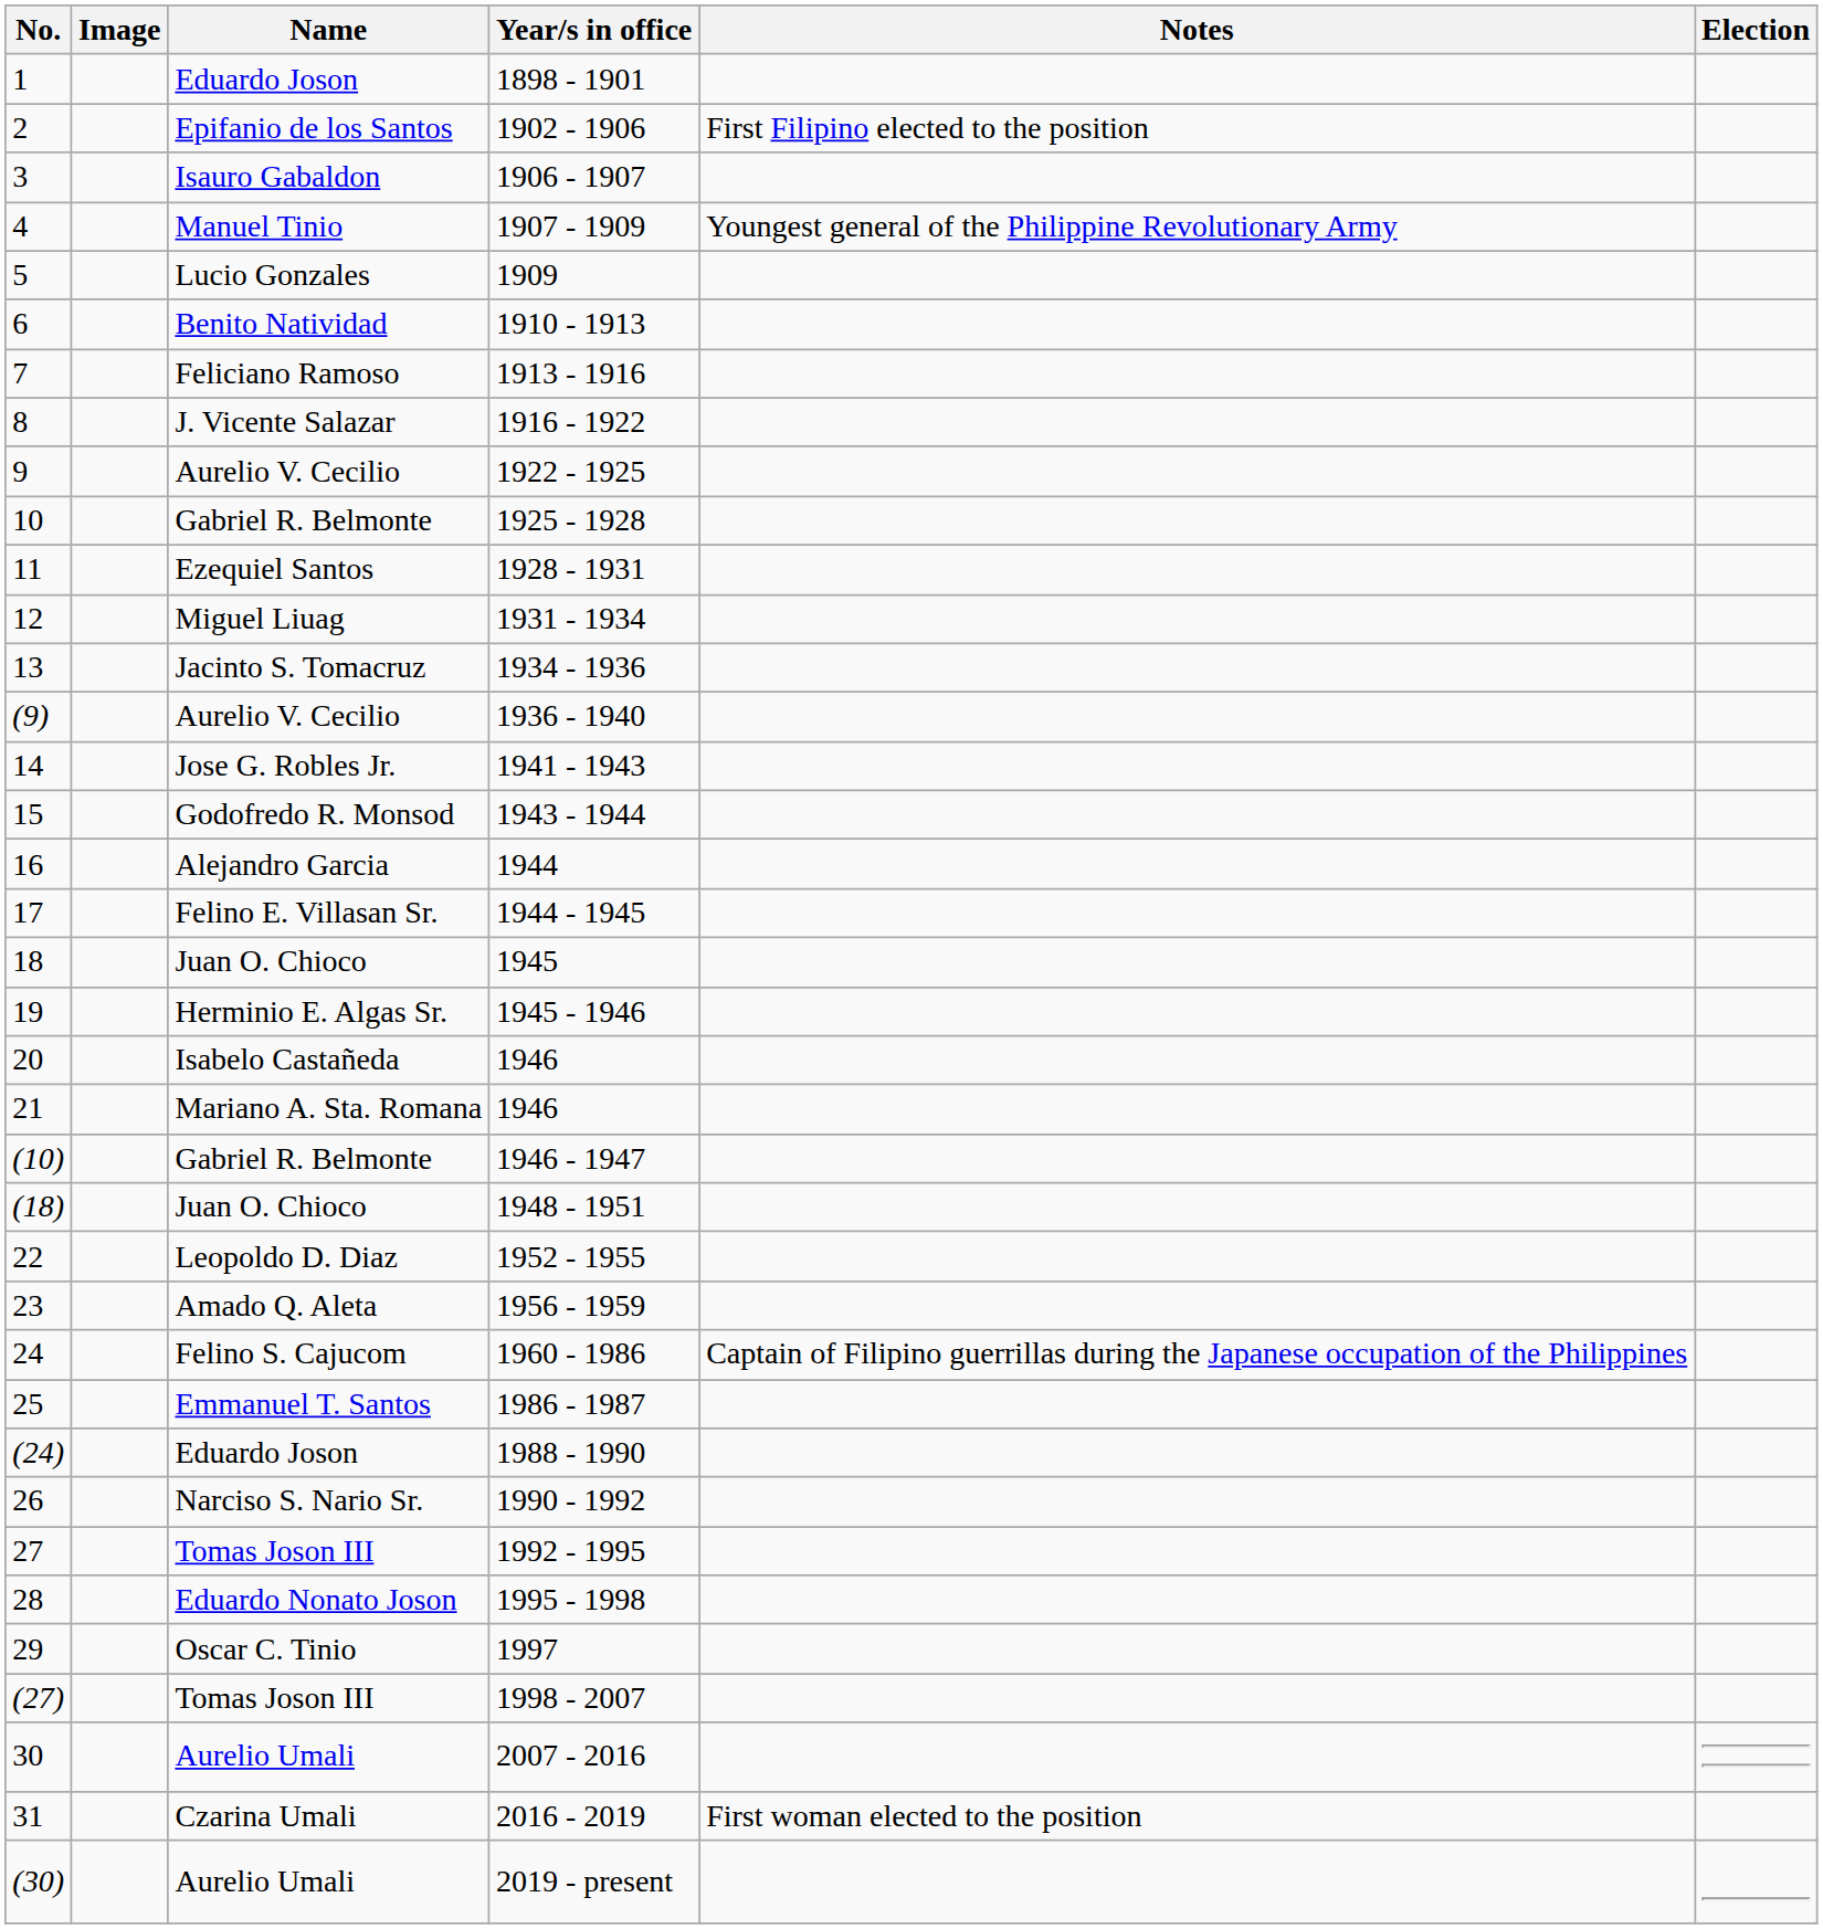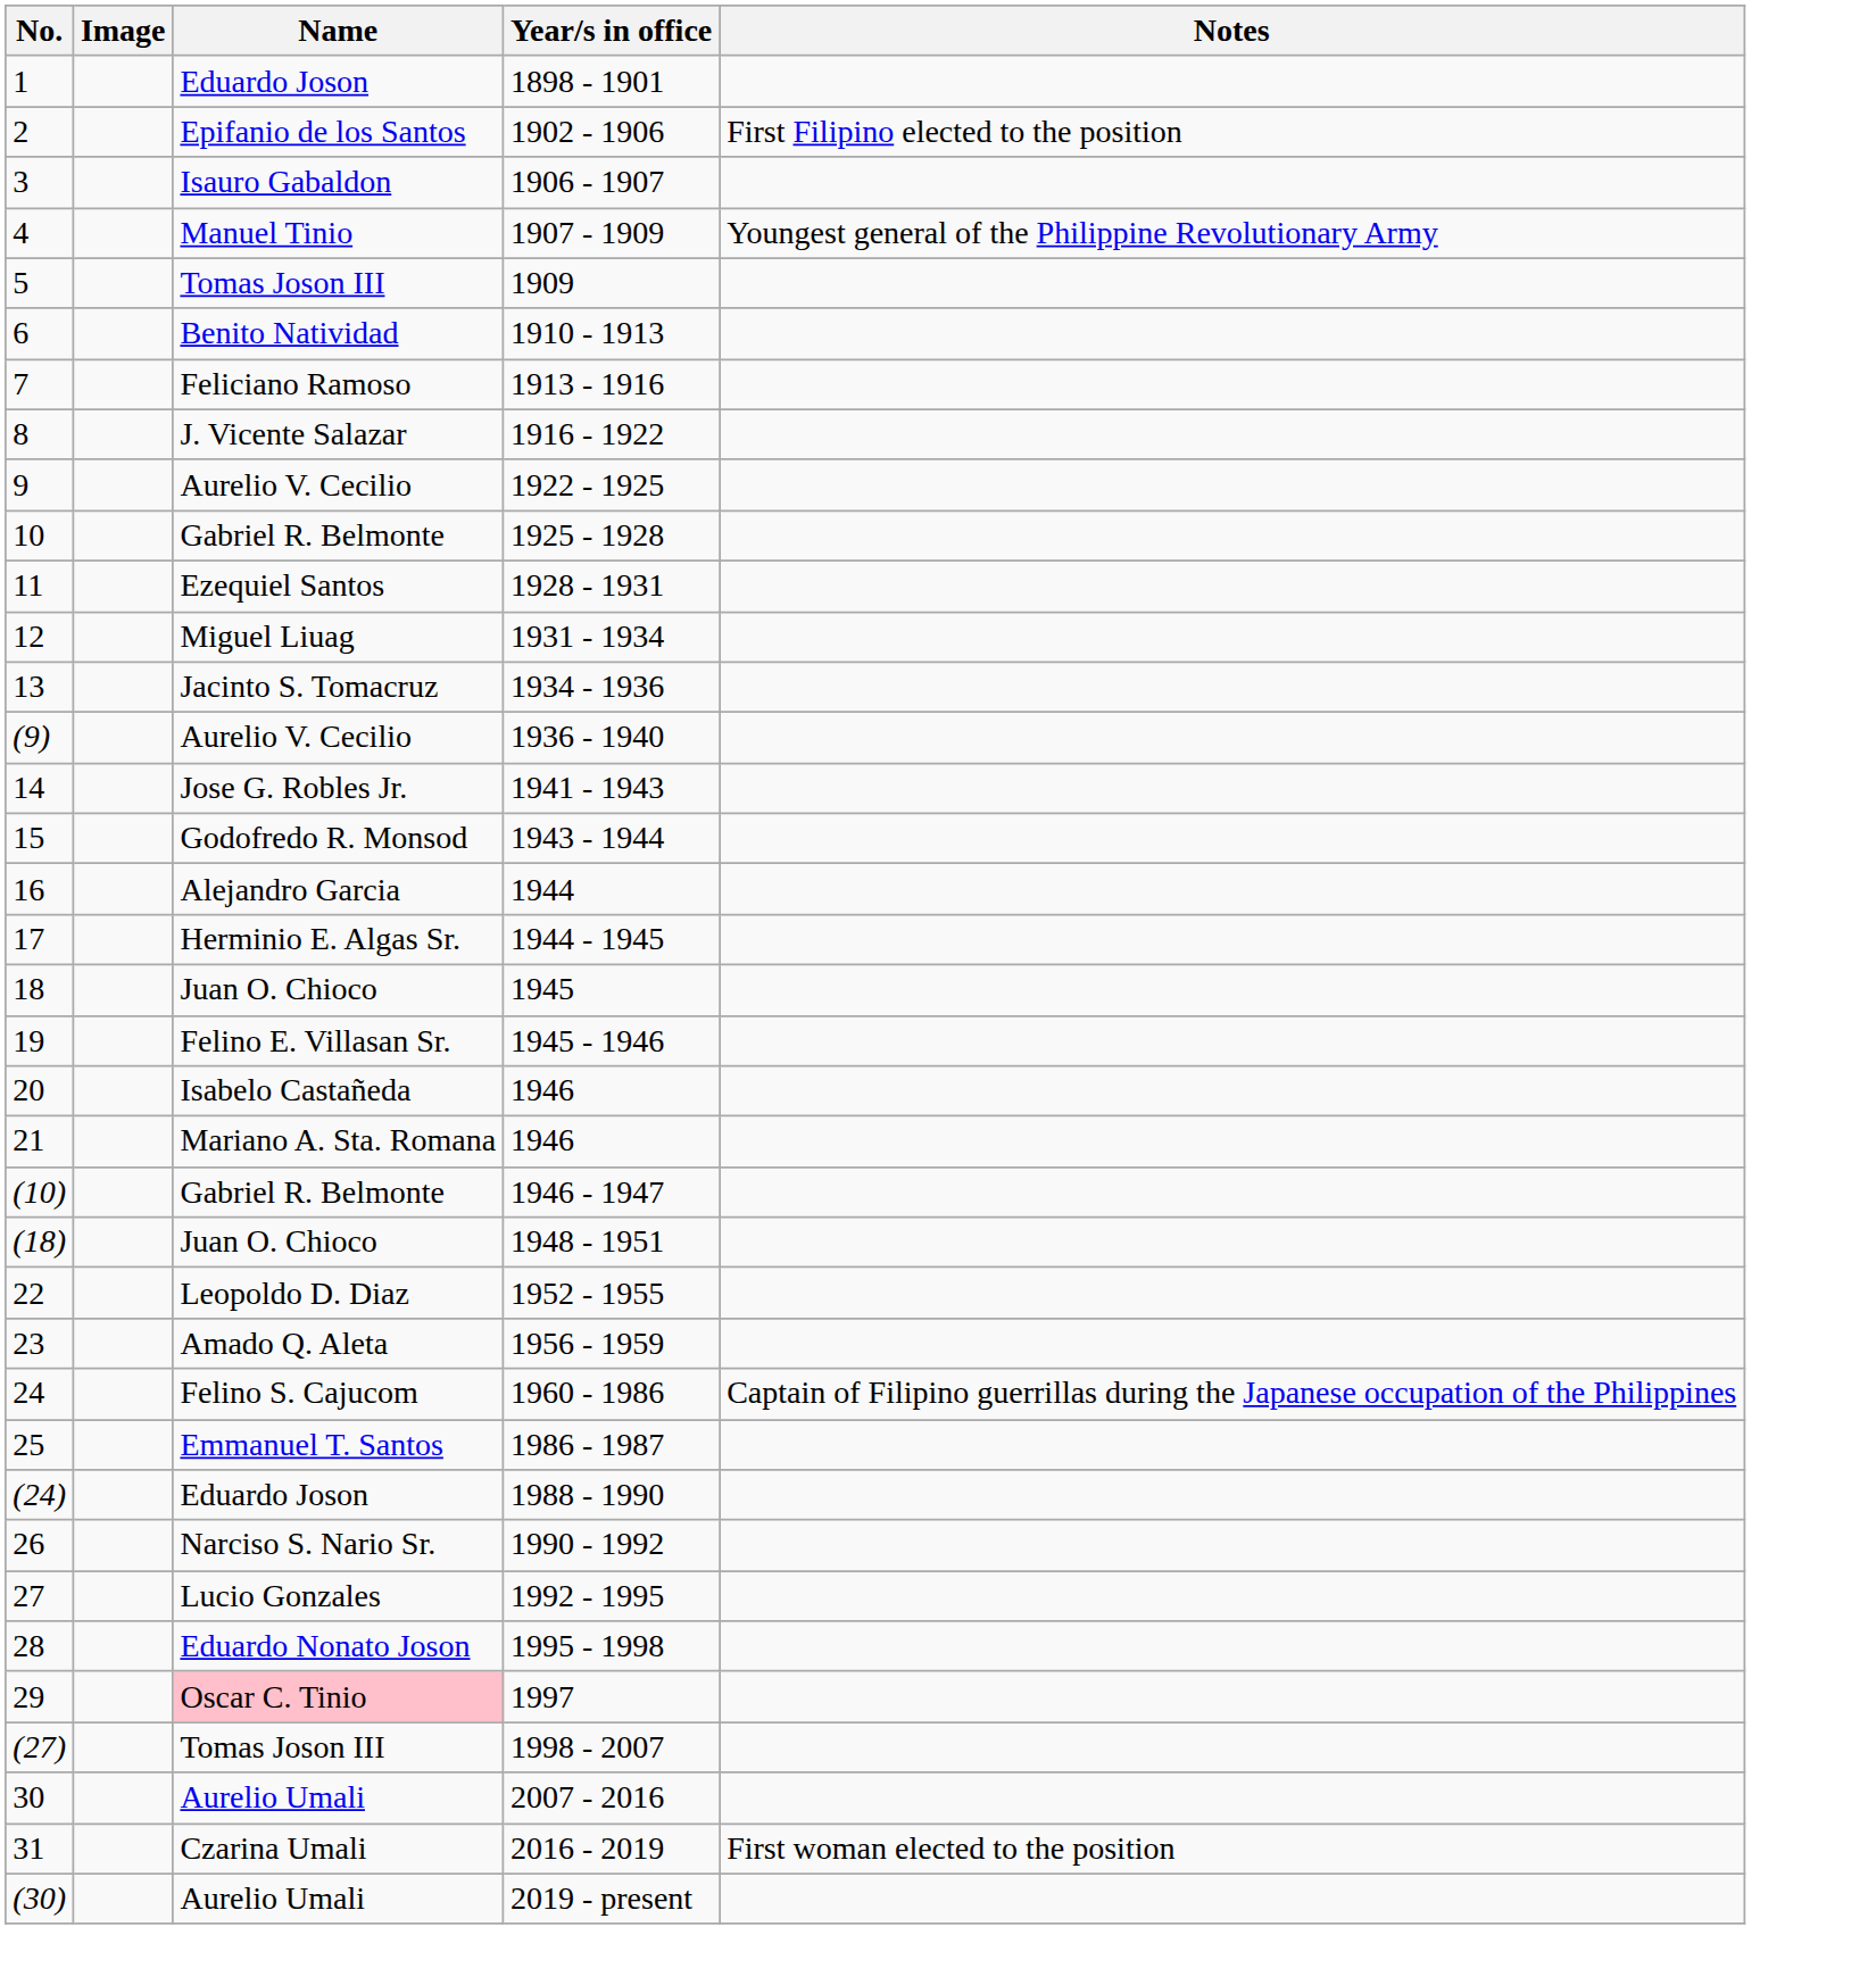 <table class="wikitable">
 <tr>
 <th>No.</th>
 <th>Image</th>
 <th>Name</th>
 <th>Year/s in office</th>
 <th>Notes</th>
-<th>Election</th>
 </tr>
 <tr>
 <td>1</td>
 <td></td>
 <td><a href='#'>Eduardo Joson</a></td>
 <td>1898 - 1901</td>
-<td></td>
 <td></td>
 </tr>
 <tr>
 <td>2</td>
 <td></td>
 <td><a href='#'>Epifanio de los Santos</a></td>
 <td>1902 - 1906</td>
 <td>First <a href='#'>Filipino</a> elected to the position</td>
-<td></td>
 </tr>
 <tr>
 <td>3</td>
 <td></td>
 <td><a href='#'>Isauro Gabaldon</a></td>
 <td>1906 - 1907</td>
-<td></td>
 <td></td>
 </tr>
 <tr>
 <td>4</td>
 <td></td>
 <td><a href='#'>Manuel Tinio</a></td>
 <td>1907 - 1909</td>
 <td>Youngest general of the <a href='#'>Philippine Revolutionary Army</a></td>
-<td></td>
 </tr>
 <tr>
 <td>5</td>
 <td></td>
-<td>Lucio Gonzales</td>
+<td><a href='#'>Tomas Joson III</a></td>
 <td>1909</td>
-<td></td>
 <td></td>
 </tr>
 <tr>
 <td>6</td>
 <td></td>
 <td><a href='#'>Benito Natividad</a></td>
 <td>1910 - 1913</td>
 <td></td>
-<td></td>
 </tr>
 <tr>
 <td>7</td>
 <td></td>
 <td>Feliciano Ramoso</td>
 <td>1913 - 1916</td>
-<td></td>
 <td></td>
 </tr>
 <tr>
 <td>8</td>
 <td></td>
 <td>J. Vicente Salazar</td>
 <td>1916 - 1922</td>
 <td></td>
-<td></td>
 </tr>
 <tr>
 <td>9</td>
 <td></td>
 <td>Aurelio V. Cecilio</td>
 <td>1922 - 1925</td>
-<td></td>
 <td></td>
 </tr>
 <tr>
 <td>10</td>
 <td></td>
 <td>Gabriel R. Belmonte</td>
 <td>1925 - 1928</td>
 <td></td>
-<td></td>
 </tr>
 <tr>
 <td>11</td>
 <td></td>
 <td>Ezequiel Santos</td>
 <td>1928 - 1931</td>
-<td></td>
 <td></td>
 </tr>
 <tr>
 <td>12</td>
 <td></td>
 <td>Miguel Liuag</td>
 <td>1931 - 1934</td>
 <td></td>
-<td></td>
 </tr>
 <tr>
 <td>13</td>
 <td></td>
 <td>Jacinto S. Tomacruz</td>
 <td>1934 - 1936</td>
-<td></td>
 <td></td>
 </tr>
 <tr>
 <td><em>(9)</em></td>
 <td></td>
 <td>Aurelio V. Cecilio</td>
 <td>1936 - 1940</td>
 <td></td>
-<td></td>
 </tr>
 <tr>
 <td>14</td>
 <td></td>
 <td>Jose G. Robles Jr.</td>
 <td>1941 - 1943</td>
-<td></td>
 <td></td>
 </tr>
 <tr>
 <td>15</td>
 <td></td>
 <td>Godofredo R. Monsod</td>
 <td>1943 - 1944</td>
 <td></td>
-<td></td>
 </tr>
 <tr>
 <td>16</td>
 <td></td>
 <td>Alejandro Garcia</td>
 <td>1944</td>
 <td></td>
-<td></td>
 </tr>
 <tr>
 <td>17</td>
 <td></td>
-<td>Felino E. Villasan Sr.</td>
+<td>Herminio E. Algas Sr.</td>
 <td>1944 - 1945</td>
-<td></td>
 <td></td>
 </tr>
 <tr>
 <td>18</td>
 <td></td>
 <td>Juan O. Chioco</td>
 <td>1945</td>
 <td></td>
-<td></td>
 </tr>
 <tr>
 <td>19</td>
 <td></td>
-<td>Herminio E. Algas Sr.</td>
+<td>Felino E. Villasan Sr.</td>
 <td>1945 - 1946</td>
-<td></td>
 <td></td>
 </tr>
 <tr>
 <td>20</td>
 <td></td>
 <td>Isabelo Castañeda</td>
 <td>1946</td>
 <td></td>
-<td></td>
 </tr>
 <tr>
 <td>21</td>
 <td></td>
 <td>Mariano A. Sta. Romana</td>
 <td>1946</td>
-<td></td>
 <td></td>
 </tr>
 <tr>
 <td><em>(10)</em></td>
 <td></td>
 <td>Gabriel R. Belmonte</td>
 <td>1946 - 1947</td>
 <td></td>
-<td></td>
 </tr>
 <tr>
 <td><em>(18)</em></td>
 <td></td>
 <td>Juan O. Chioco</td>
 <td>1948 - 1951</td>
-<td></td>
 <td></td>
 </tr>
 <tr>
 <td>22</td>
 <td></td>
 <td>Leopoldo D. Diaz</td>
 <td>1952 - 1955</td>
 <td></td>
-<td></td>
 </tr>
 <tr>
 <td>23</td>
 <td></td>
 <td>Amado Q. Aleta</td>
 <td>1956 - 1959</td>
-<td></td>
 <td></td>
 </tr>
 <tr>
 <td>24</td>
 <td></td>
 <td>Felino S. Cajucom</td>
 <td>1960 - 1986</td>
 <td>Captain of Filipino guerrillas during the <a href='#'>Japanese occupation of the Philippines</a></td>
-<td></td>
 </tr>
 <tr>
 <td>25</td>
 <td></td>
 <td><a href='#'>Emmanuel T. Santos</a></td>
 <td>1986 - 1987</td>
-<td></td>
 <td></td>
 </tr>
 <tr>
 <td><em>(24)</em></td>
 <td></td>
 <td>Eduardo Joson</td>
 <td>1988 - 1990</td>
 <td></td>
-<td></td>
 </tr>
 <tr>
 <td>26</td>
 <td></td>
 <td>Narciso S. Nario Sr.</td>
 <td>1990 - 1992</td>
 <td></td>
-<td></td>
 </tr>
 <tr>
 <td>27</td>
 <td></td>
-<td><a href='#'>Tomas Joson III</a></td>
+<td>Lucio Gonzales</td>
 <td>1992 - 1995</td>
-<td></td>
 <td></td>
 </tr>
 <tr>
 <td>28</td>
 <td></td>
 <td><a href='#'>Eduardo Nonato Joson</a></td>
 <td>1995 - 1998</td>
 <td></td>
-<td></td>
 </tr>
 <tr>
 <td>29</td>
 <td></td>
-<td>Oscar C. Tinio</td>
+<td style="background: pink;">Oscar C. Tinio</td>
 <td>1997</td>
-<td></td>
 <td></td>
 </tr>
 <tr>
 <td><em>(27)</em></td>
 <td></td>
 <td>Tomas Joson III</td>
 <td>1998 - 2007</td>
 <td></td>
-<td></td>
 </tr>
 <tr>
 <td>30</td>
 <td></td>
 <td><a href='#'>Aurelio Umali</a></td>
 <td>2007 - 2016</td>
 <td></td>
-<td><hr><hr></td>
 </tr>
 <tr>
 <td>31</td>
 <td></td>
 <td>Czarina Umali</td>
 <td>2016 - 2019</td>
 <td>First woman elected to the position</td>
-<td></td>
 </tr>
 <tr>
 <td><em>(30)</em></td>
 <td></td>
 <td>Aurelio Umali</td>
 <td>2019 - present</td>
 <td></td>
-<td><br> <hr>  </td>
 </tr>
 </table>
